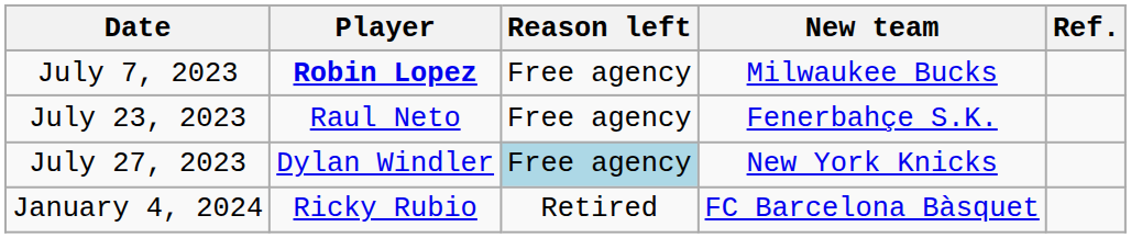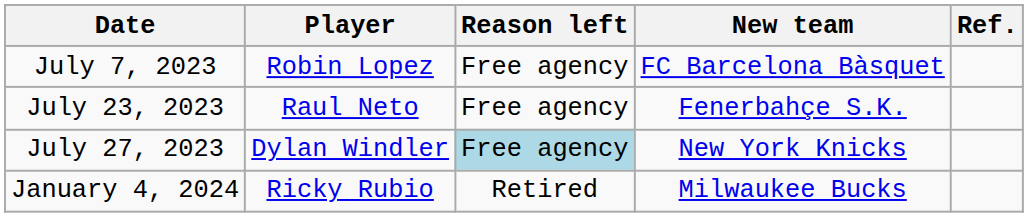 <table class="wikitable sortable sortable" style="text-align: center">
 <tr>
 <th>Date</th>
 <th>Player</th>
 <th>Reason left</th>
 <th>New team</th>
 <th>Ref.</th>
 </tr>
 <tr>
 <td>July 7, 2023</td>
-<td><strong><a href='#'>Robin Lopez</a></strong></td>
+<td><a href='#'>Robin Lopez</a></td>
 <td>Free agency</td>
-<td><a href='#'>Milwaukee Bucks</a></td>
+<td><a href='#'>FC Barcelona Bàsquet</a></td>
 <td></td>
 </tr>
 <tr>
 <td>July 23, 2023</td>
 <td><a href='#'>Raul Neto</a></td>
 <td>Free agency</td>
 <td><a href='#'>Fenerbahçe S.K.</a></td>
 <td></td>
 </tr>
 <tr>
 <td>July 27, 2023</td>
 <td><a href='#'>Dylan Windler</a></td>
 <td style="background: lightblue;">Free agency</td>
 <td><a href='#'>New York Knicks</a></td>
 <td></td>
 </tr>
 <tr>
 <td>January 4, 2024</td>
 <td><a href='#'>Ricky Rubio</a></td>
 <td>Retired</td>
-<td><a href='#'>FC Barcelona Bàsquet</a></td>
+<td><a href='#'>Milwaukee Bucks</a></td>
 <td></td>
 </tr>
 </table>
